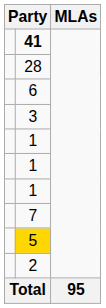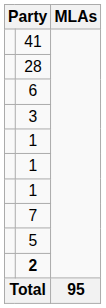 <table class="wikitable">
 <tr>
 <th colspan=2>Party</th>
 <th>MLAs</th>
 </tr>
 <tr>
 <td></td>
-<td align=center><strong>41</strong></td>
+<td align=center>41</td>
 </tr>
 <tr>
 <td></td>
 <td align=center>28</td>
 </tr>
 <tr>
 <td></td>
 <td align=center>6</td>
 </tr>
 <tr>
 <td></td>
 <td align=center>3</td>
 </tr>
 <tr>
 <td></td>
 <td align=center>1</td>
 </tr>
 <tr>
 <td></td>
 <td align=center>1</td>
 </tr>
 <tr>
 <td></td>
 <td align=center>1</td>
 </tr>
 <tr>
 <td></td>
 <td align=center>7</td>
 </tr>
 <tr>
 <td></td>
-<td align=center style="background: gold;">5</td>
+<td align=center>5</td>
 </tr>
 <tr>
 <td></td>
-<td align=center>2</td>
+<td align=center><strong>2</strong></td>
 </tr>
 <tr>
 <th colspan=2>Total</th>
 <th>95</th>
 </tr>
 </table>
